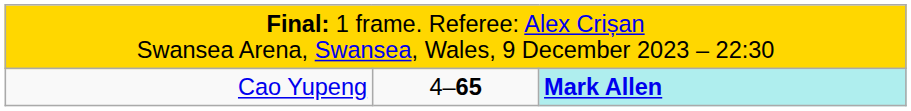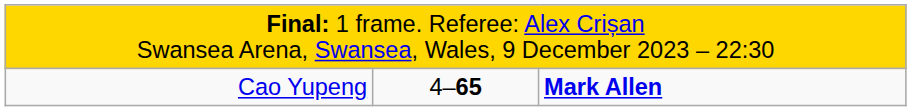 <table class="wikitable" style="font-size: 95%; margin: 1em auto 1em auto;">
 <tr>
 <td colspan="3" align="center" bgcolor="#ffd700"><strong>Final:</strong> 1 frame. Referee: <a href='#'>Alex Crișan</a><br>Swansea Arena, <a href='#'>Swansea</a>, Wales, 9 December 2023 – 22:30</td>
 </tr>
 <tr>
 <td width="230" align="right"><a href='#'>Cao Yupeng</a><br></td>
 <td width="100" align="center">4–<strong>65</strong></td>
-<td width="230" style="background: paleturquoise;"><strong><a href='#'>Mark Allen</a></strong><br></td>
+<td width="230"><strong><a href='#'>Mark Allen</a></strong><br></td>
 </tr>
 </table>
